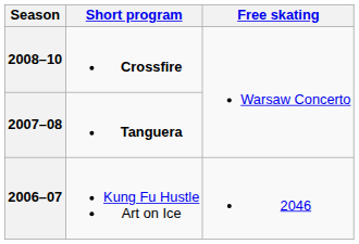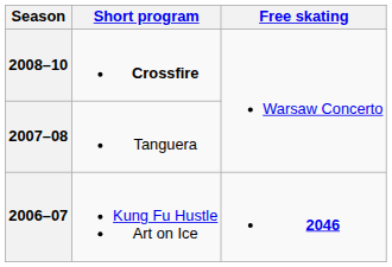 <table class=wikitable style=text-align:center>
 <tr>
 <th>Season</th>
 <th><a href='#'>Short program</a></th>
 <th><a href='#'>Free skating</a></th>
 </tr>
 <tr>
 <th>2008–10 <br> </th>
 <td><strong><br><ul><li>Crossfire <br></li></ul></strong></td>
 <td rowspan=2><br><ul><li><a href='#'>Warsaw Concerto</a> <br></li></ul></td>
 </tr>
 <tr>
 <th>2007–08 <br> </th>
-<td><strong><br><ul><li>Tanguera <br></li></ul></strong></td>
+<td><br><ul><li>Tanguera <br></li></ul></td>
 </tr>
 <tr>
 <th>2006–07 <br> </th>
 <td><br><ul><li><a href='#'>Kung Fu Hustle</a> <br></li><li>Art on Ice <br></li></ul></td>
-<td><br><ul><li><a href='#'>2046</a> <br></li></ul></td>
+<td><strong><br><ul><li><a href='#'>2046</a> <br></li></ul></strong></td>
 </tr>
 </table>
